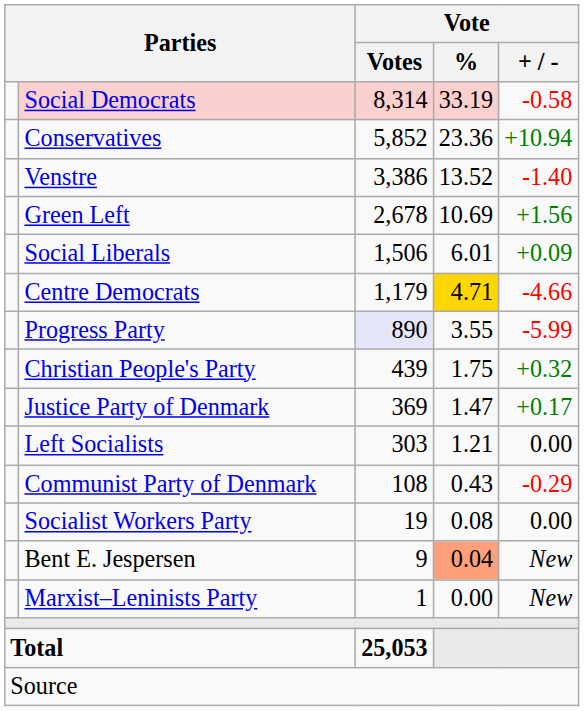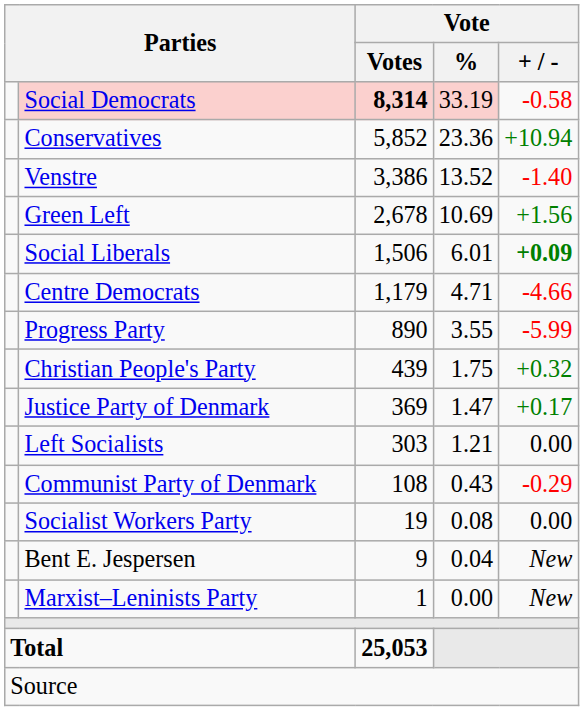 <table class="wikitable" style="text-align:right;">
 <tr>
 <th style="text-align:centre;" rowspan="2" colspan="2" width="225">Parties</th>
 <th colspan="3">Vote</th>
 </tr>
 <tr>
 <th width="15">Votes</th>
 <th width="15">%</th>
 <th width="15">+ / -</th>
 </tr>
 <tr>
 <td width="2" style="color:inherit;background:"></td>
 <td bgcolor=#fbd0ce  align="left"><a href='#'>Social Democrats</a></td>
-<td bgcolor=#fbd0ce>8,314</td>
+<td bgcolor=#fbd0ce><strong>8,314</strong></td>
 <td bgcolor=#fbd0ce>33.19</td>
 <td style=color:red;>-0.58</td>
 </tr>
 <tr>
 <td width="2" style="color:inherit;background:"></td>
 <td align="left"><a href='#'>Conservatives</a></td>
 <td>5,852</td>
 <td>23.36</td>
 <td style=color:green;>+10.94</td>
 </tr>
 <tr>
 <td width="2" style="color:inherit;background:"></td>
 <td align="left"><a href='#'>Venstre</a></td>
 <td>3,386</td>
 <td>13.52</td>
 <td style=color:red;>-1.40</td>
 </tr>
 <tr>
 <td width="2" style="color:inherit;background:"></td>
 <td align="left"><a href='#'>Green Left</a></td>
 <td>2,678</td>
 <td>10.69</td>
 <td style=color:green;>+1.56</td>
 </tr>
 <tr>
 <td width="2" style="color:inherit;background:"></td>
 <td align="left"><a href='#'>Social Liberals</a></td>
 <td>1,506</td>
 <td>6.01</td>
-<td style=color:green;>+0.09</td>
+<td style=color:green;><strong>+0.09</strong></td>
 </tr>
 <tr>
 <td width="2" style="color:inherit;background:"></td>
 <td align="left"><a href='#'>Centre Democrats</a></td>
 <td>1,179</td>
-<td style="background: gold;">4.71</td>
+<td>4.71</td>
 <td style=color:red;>-4.66</td>
 </tr>
 <tr>
 <td width="2" style="color:inherit;background:"></td>
 <td align="left"><a href='#'>Progress Party</a></td>
-<td style="background: lavender;">890</td>
+<td>890</td>
 <td>3.55</td>
 <td style=color:red;>-5.99</td>
 </tr>
 <tr>
 <td width="2" style="color:inherit;background:"></td>
 <td align="left"><a href='#'>Christian People's Party</a></td>
 <td>439</td>
 <td>1.75</td>
 <td style=color:green;>+0.32</td>
 </tr>
 <tr>
 <td width="2" style="color:inherit;background:"></td>
 <td align="left"><a href='#'>Justice Party of Denmark</a></td>
 <td>369</td>
 <td>1.47</td>
 <td style=color:green;>+0.17</td>
 </tr>
 <tr>
 <td width="2" style="color:inherit;background:"></td>
 <td align="left"><a href='#'>Left Socialists</a></td>
 <td>303</td>
 <td>1.21</td>
 <td>0.00</td>
 </tr>
 <tr>
 <td width="2" style="color:inherit;background:"></td>
 <td align="left"><a href='#'>Communist Party of Denmark</a></td>
 <td>108</td>
 <td>0.43</td>
 <td style=color:red;>-0.29</td>
 </tr>
 <tr>
 <td width="2" style="color:inherit;background:"></td>
 <td align="left"><a href='#'>Socialist Workers Party</a></td>
 <td>19</td>
 <td>0.08</td>
 <td>0.00</td>
 </tr>
 <tr>
 <td width="2" style="color:inherit;background:"></td>
 <td align="left">Bent E.  Jespersen</td>
 <td>9</td>
-<td style="background: lightsalmon;">0.04</td>
+<td>0.04</td>
 <td><em>New</em></td>
 </tr>
 <tr>
 <td width="2" style="color:inherit;background:"></td>
 <td align="left"><a href='#'>Marxist–Leninists Party</a></td>
 <td>1</td>
 <td>0.00</td>
 <td><em>New</em></td>
 </tr>
 <tr>
 <td colspan="7" bgcolor="#E9E9E9"></td>
 </tr>
 <tr>
 <td align="left" colspan="2"><strong>Total</strong></td>
 <td><strong>25,053</strong></td>
 <td bgcolor="#E9E9E9" colspan="2"></td>
 </tr>
 <tr>
 <td align="left" colspan="6">Source</td>
 </tr>
 </table>
